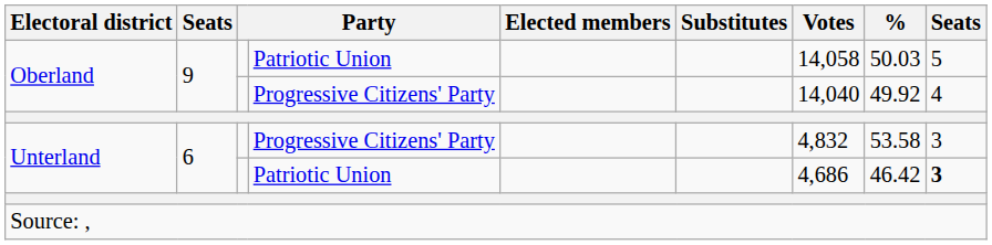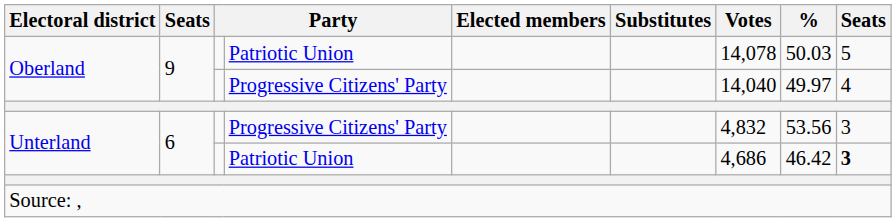 <table class="wikitable">
 <tr>
 <th>Electoral district</th>
 <th>Seats</th>
 <th colspan="2">Party</th>
 <th>Elected members</th>
 <th>Substitutes</th>
 <th>Votes</th>
 <th>%</th>
 <th>Seats</th>
 </tr>
 <tr>
 <td rowspan="2"><a href='#'>Oberland</a></td>
 <td rowspan="2">9</td>
 <td></td>
 <td><a href='#'>Patriotic Union</a></td>
 <td></td>
 <td></td>
-<td>14,058</td>
+<td>14,078</td>
 <td>50.03</td>
 <td>5</td>
 </tr>
 <tr>
 <td></td>
 <td><a href='#'>Progressive Citizens' Party</a></td>
 <td></td>
 <td></td>
 <td>14,040</td>
-<td>49.92</td>
+<td>49.97</td>
 <td>4</td>
 </tr>
 <tr>
 <th colspan="9"></th>
 </tr>
 <tr>
 <td rowspan="2"><a href='#'>Unterland</a></td>
 <td rowspan="2">6</td>
 <td></td>
 <td><a href='#'>Progressive Citizens' Party</a></td>
 <td></td>
 <td></td>
 <td>4,832</td>
-<td>53.58</td>
+<td>53.56</td>
 <td>3</td>
 </tr>
 <tr>
 <td></td>
 <td><a href='#'>Patriotic Union</a></td>
 <td></td>
 <td></td>
 <td>4,686</td>
 <td>46.42</td>
 <td><strong>3</strong></td>
 </tr>
 <tr>
 <th colspan="9"></th>
 </tr>
 <tr>
 <td colspan="9">Source: , </td>
 </tr>
 </table>
